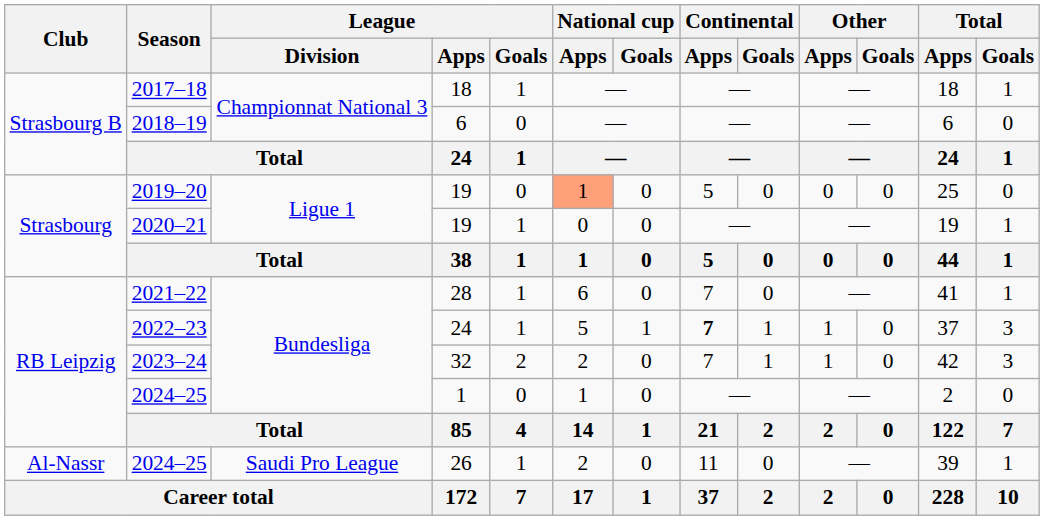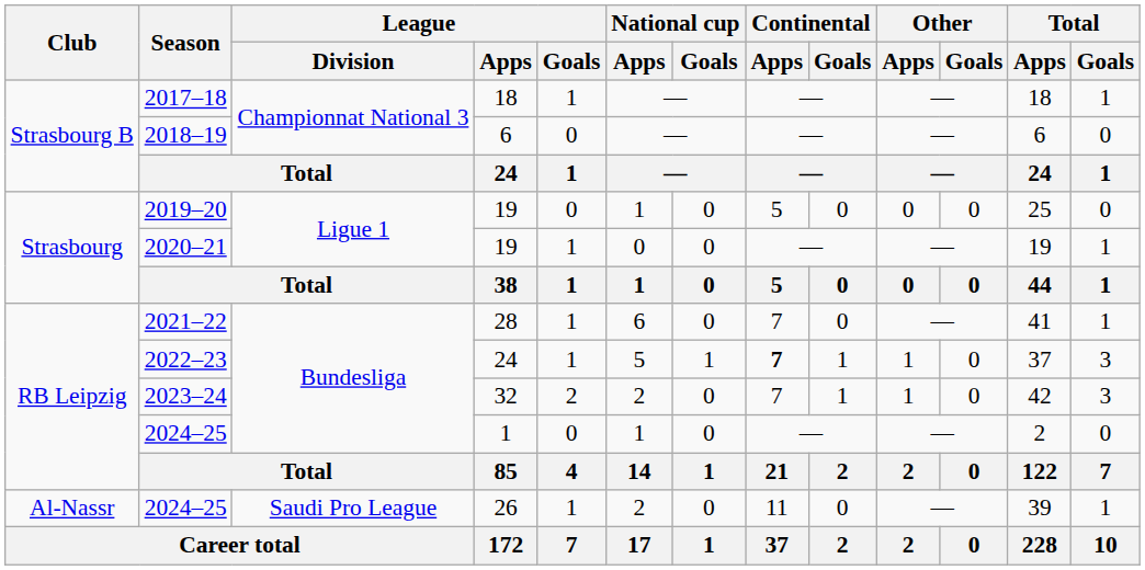 <table class="wikitable" style="text-align:center">
 <tr>
 <th rowspan="2">Club</th>
 <th rowspan="2">Season</th>
 <th colspan="3">League</th>
 <th colspan="2">National cup</th>
 <th colspan="2">Continental</th>
 <th colspan="2">Other</th>
 <th colspan="2">Total</th>
 </tr>
 <tr>
 <th>Division</th>
 <th>Apps</th>
 <th>Goals</th>
 <th>Apps</th>
 <th>Goals</th>
 <th>Apps</th>
 <th>Goals</th>
 <th>Apps</th>
 <th>Goals</th>
 <th>Apps</th>
 <th>Goals</th>
 </tr>
 <tr>
 <td rowspan="3"><a href='#'>Strasbourg B</a></td>
 <td><a href='#'>2017–18</a></td>
 <td rowspan="2"><a href='#'>Championnat National 3</a></td>
 <td>18</td>
 <td>1</td>
 <td colspan="2">—</td>
 <td colspan="2">—</td>
 <td colspan="2">—</td>
 <td>18</td>
 <td>1</td>
 </tr>
 <tr>
 <td><a href='#'>2018–19</a></td>
 <td>6</td>
 <td>0</td>
 <td colspan="2">—</td>
 <td colspan="2">—</td>
 <td colspan="2">—</td>
 <td>6</td>
 <td>0</td>
 </tr>
 <tr>
 <th colspan="2">Total</th>
 <th>24</th>
 <th>1</th>
 <th colspan="2">—</th>
 <th colspan="2">—</th>
 <th colspan="2">—</th>
 <th>24</th>
 <th>1</th>
 </tr>
 <tr>
 <td rowspan="3"><a href='#'>Strasbourg</a></td>
 <td><a href='#'>2019–20</a></td>
 <td rowspan="2"><a href='#'>Ligue 1</a></td>
 <td>19</td>
 <td>0</td>
-<td style="background: lightsalmon;">1</td>
+<td>1</td>
 <td>0</td>
 <td>5</td>
 <td>0</td>
 <td>0</td>
 <td>0</td>
 <td>25</td>
 <td>0</td>
 </tr>
 <tr>
 <td><a href='#'>2020–21</a></td>
 <td>19</td>
 <td>1</td>
 <td>0</td>
 <td>0</td>
 <td colspan="2">—</td>
 <td colspan="2">—</td>
 <td>19</td>
 <td>1</td>
 </tr>
 <tr>
 <th colspan="2">Total</th>
 <th>38</th>
 <th>1</th>
 <th>1</th>
 <th>0</th>
 <th>5</th>
 <th>0</th>
 <th>0</th>
 <th>0</th>
 <th>44</th>
 <th>1</th>
 </tr>
 <tr>
 <td rowspan="5"><a href='#'>RB Leipzig</a></td>
 <td><a href='#'>2021–22</a></td>
 <td rowspan="4"><a href='#'>Bundesliga</a></td>
 <td>28</td>
 <td>1</td>
 <td>6</td>
 <td>0</td>
 <td>7</td>
 <td>0</td>
 <td colspan="2">—</td>
 <td>41</td>
 <td>1</td>
 </tr>
 <tr>
 <td><a href='#'>2022–23</a></td>
 <td>24</td>
 <td>1</td>
 <td>5</td>
 <td>1</td>
 <td><strong>7</strong></td>
 <td>1</td>
 <td>1</td>
 <td>0</td>
 <td>37</td>
 <td>3</td>
 </tr>
 <tr>
 <td><a href='#'>2023–24</a></td>
 <td>32</td>
 <td>2</td>
 <td>2</td>
 <td>0</td>
 <td>7</td>
 <td>1</td>
 <td>1</td>
 <td>0</td>
 <td>42</td>
 <td>3</td>
 </tr>
 <tr>
 <td><a href='#'>2024–25</a></td>
 <td>1</td>
 <td>0</td>
 <td>1</td>
 <td>0</td>
 <td colspan="2">—</td>
 <td colspan="2">—</td>
 <td>2</td>
 <td>0</td>
 </tr>
 <tr>
 <th colspan="2">Total</th>
 <th>85</th>
 <th>4</th>
 <th>14</th>
 <th>1</th>
 <th>21</th>
 <th>2</th>
 <th>2</th>
 <th>0</th>
 <th>122</th>
 <th>7</th>
 </tr>
 <tr>
 <td><a href='#'>Al-Nassr</a></td>
 <td><a href='#'>2024–25</a></td>
 <td><a href='#'>Saudi Pro League</a></td>
 <td>26</td>
 <td>1</td>
 <td>2</td>
 <td>0</td>
 <td>11</td>
 <td>0</td>
 <td colspan="2">—</td>
 <td>39</td>
 <td>1</td>
 </tr>
 <tr>
 <th colspan="3">Career total</th>
 <th>172</th>
 <th>7</th>
 <th>17</th>
 <th>1</th>
 <th>37</th>
 <th>2</th>
 <th>2</th>
 <th>0</th>
 <th>228</th>
 <th>10</th>
 </tr>
 </table>
